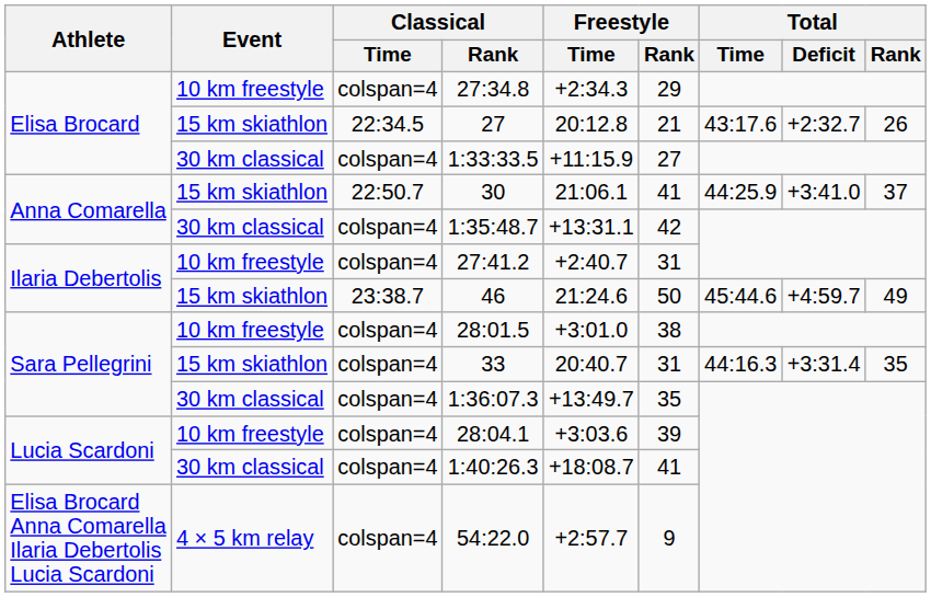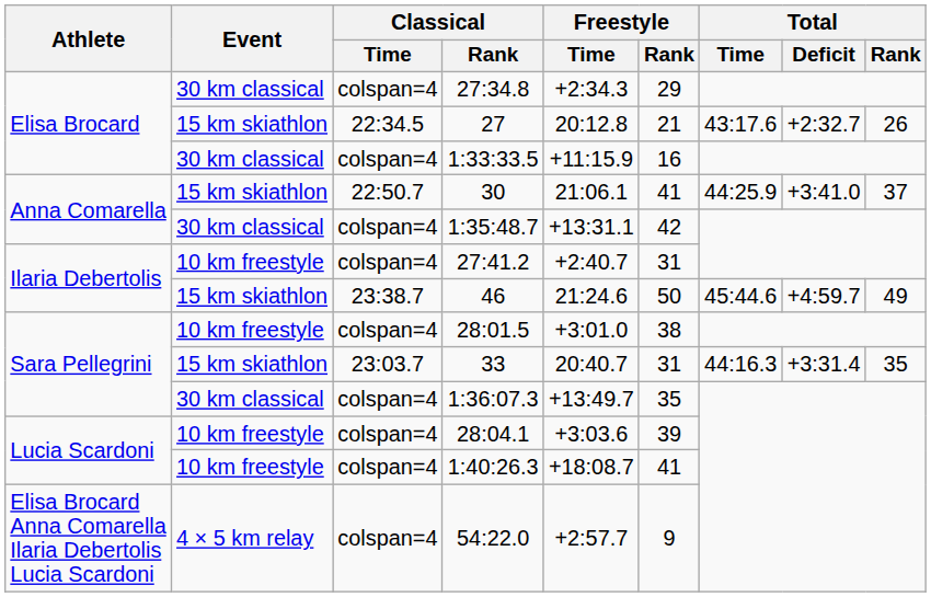 <table class="wikitable" style="font-size:90%">
 <tr>
 <th rowspan=2>Athlete</th>
 <th rowspan=2>Event</th>
 <th colspan=2>Classical</th>
 <th colspan=2>Freestyle</th>
 <th colspan=3>Total</th>
 </tr>
 <tr style="font-size:95%">
 <th>Time</th>
 <th>Rank</th>
 <th>Time</th>
 <th>Rank</th>
 <th>Time</th>
 <th>Deficit</th>
 <th>Rank</th>
 </tr>
 <tr align=center>
 <td align=left rowspan=3><a href='#'>Elisa Brocard</a></td>
-<td align=left><a href='#'>10 km freestyle</a></td>
+<td align=left><a href='#'>30 km classical</a></td>
 <td>colspan=4 </td>
 <td>27:34.8</td>
 <td>+2:34.3</td>
 <td>29</td>
 </tr>
 <tr align=center>
 <td align=left><a href='#'>15 km skiathlon</a></td>
 <td>22:34.5</td>
 <td>27</td>
 <td>20:12.8</td>
 <td>21</td>
 <td>43:17.6</td>
 <td>+2:32.7</td>
 <td>26</td>
 </tr>
 <tr align=center>
 <td align=left><a href='#'>30 km classical</a></td>
 <td>colspan=4 </td>
 <td>1:33:33.5</td>
 <td>+11:15.9</td>
-<td>27</td>
+<td>16</td>
 </tr>
 <tr align=center>
 <td align=left rowspan=2><a href='#'>Anna Comarella</a></td>
 <td align=left><a href='#'>15 km skiathlon</a></td>
 <td>22:50.7</td>
 <td>30</td>
 <td>21:06.1</td>
 <td>41</td>
 <td>44:25.9</td>
 <td>+3:41.0</td>
 <td>37</td>
 </tr>
 <tr align=center>
 <td align=left><a href='#'>30 km classical</a></td>
 <td>colspan=4 </td>
 <td>1:35:48.7</td>
 <td>+13:31.1</td>
 <td>42</td>
 </tr>
 <tr align=center>
 <td align=left rowspan=2><a href='#'>Ilaria Debertolis</a></td>
 <td align=left><a href='#'>10 km freestyle</a></td>
 <td>colspan=4 </td>
 <td>27:41.2</td>
 <td>+2:40.7</td>
 <td>31</td>
 </tr>
 <tr align=center>
 <td align=left><a href='#'>15 km skiathlon</a></td>
 <td>23:38.7</td>
 <td>46</td>
 <td>21:24.6</td>
 <td>50</td>
 <td>45:44.6</td>
 <td>+4:59.7</td>
 <td>49</td>
 </tr>
 <tr align=center>
 <td align=left rowspan=3><a href='#'>Sara Pellegrini</a></td>
 <td align=left><a href='#'>10 km freestyle</a></td>
 <td>colspan=4 </td>
 <td>28:01.5</td>
 <td>+3:01.0</td>
 <td>38</td>
 </tr>
 <tr align=center>
 <td align=left><a href='#'>15 km skiathlon</a></td>
-<td>colspan=4 </td>
+<td>23:03.7</td>
 <td>33</td>
 <td>20:40.7</td>
 <td>31</td>
 <td>44:16.3</td>
 <td>+3:31.4</td>
 <td>35</td>
 </tr>
 <tr align=center>
 <td align=left><a href='#'>30 km classical</a></td>
 <td>colspan=4 </td>
 <td>1:36:07.3</td>
 <td>+13:49.7</td>
 <td>35</td>
 </tr>
 <tr align=center>
 <td align=left rowspan=2><a href='#'>Lucia Scardoni</a></td>
 <td align=left><a href='#'>10 km freestyle</a></td>
 <td>colspan=4 </td>
 <td>28:04.1</td>
 <td>+3:03.6</td>
 <td>39</td>
 </tr>
 <tr align=center>
-<td align=left><a href='#'>30 km classical</a></td>
+<td align=left><a href='#'>10 km freestyle</a></td>
 <td>colspan=4 </td>
 <td>1:40:26.3</td>
 <td>+18:08.7</td>
 <td>41</td>
 </tr>
 <tr align=center>
 <td align=left><a href='#'>Elisa Brocard</a><br><a href='#'>Anna Comarella</a><br><a href='#'>Ilaria Debertolis</a><br><a href='#'>Lucia Scardoni</a></td>
 <td align=left><a href='#'>4 × 5 km relay</a></td>
 <td>colspan=4 </td>
 <td>54:22.0</td>
 <td>+2:57.7</td>
 <td>9</td>
 </tr>
 </table>
